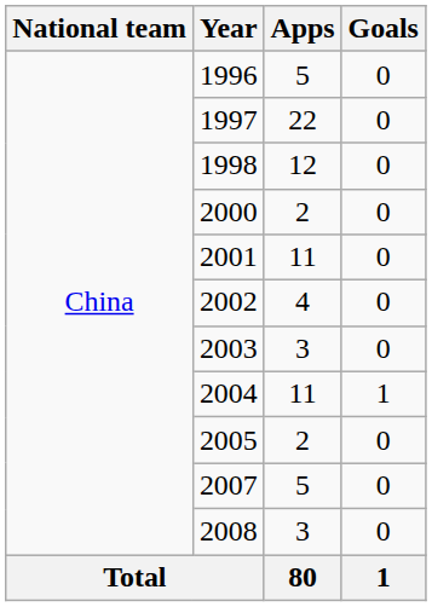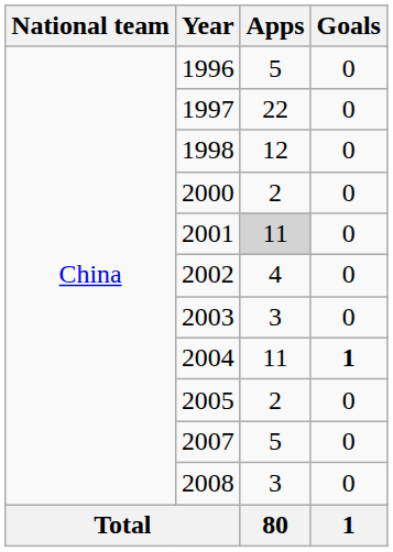 <table class="wikitable" style="text-align:center">
 <tr>
 <th>National team</th>
 <th>Year</th>
 <th>Apps</th>
 <th>Goals</th>
 </tr>
 <tr>
 <td rowspan="11"><a href='#'>China</a></td>
 <td>1996</td>
 <td>5</td>
 <td>0</td>
 </tr>
 <tr>
 <td>1997</td>
 <td>22</td>
 <td>0</td>
 </tr>
 <tr>
 <td>1998</td>
 <td>12</td>
 <td>0</td>
 </tr>
 <tr>
 <td>2000</td>
 <td>2</td>
 <td>0</td>
 </tr>
 <tr>
 <td>2001</td>
-<td>11</td>
+<td style="background: lightgrey;">11</td>
 <td>0</td>
 </tr>
 <tr>
 <td>2002</td>
 <td>4</td>
 <td>0</td>
 </tr>
 <tr>
 <td>2003</td>
 <td>3</td>
 <td>0</td>
 </tr>
 <tr>
 <td>2004</td>
 <td>11</td>
-<td>1</td>
+<td><strong>1</strong></td>
 </tr>
 <tr>
 <td>2005</td>
 <td>2</td>
 <td>0</td>
 </tr>
 <tr>
 <td>2007</td>
 <td>5</td>
 <td>0</td>
 </tr>
 <tr>
 <td>2008</td>
 <td>3</td>
 <td>0</td>
 </tr>
 <tr>
 <th colspan="2">Total</th>
 <th>80</th>
 <th>1</th>
 </tr>
 </table>
